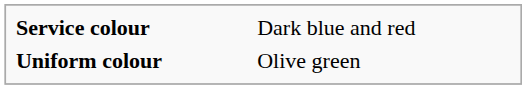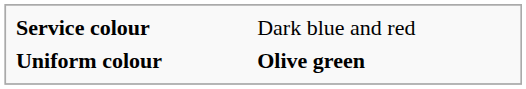 <table class="infobox" style="font-size: 80%; text-align: left; width: 23.5em">
 <tr>
 <td><strong>Service colour</strong></td>
 <td>Dark blue and red <br></td>
 </tr>
 <tr>
 <td><strong>Uniform colour</strong></td>
-<td>Olive green<br></td>
+<td><strong>Olive green<br></strong></td>
 </tr>
 </table>
